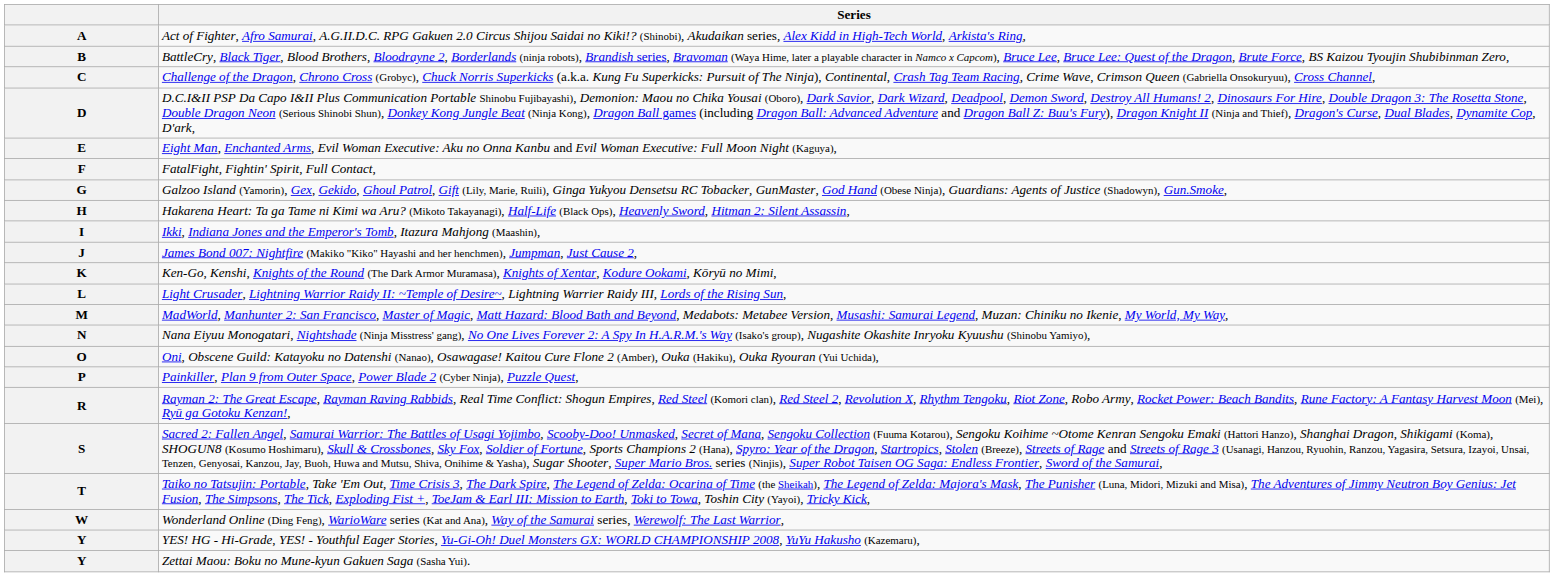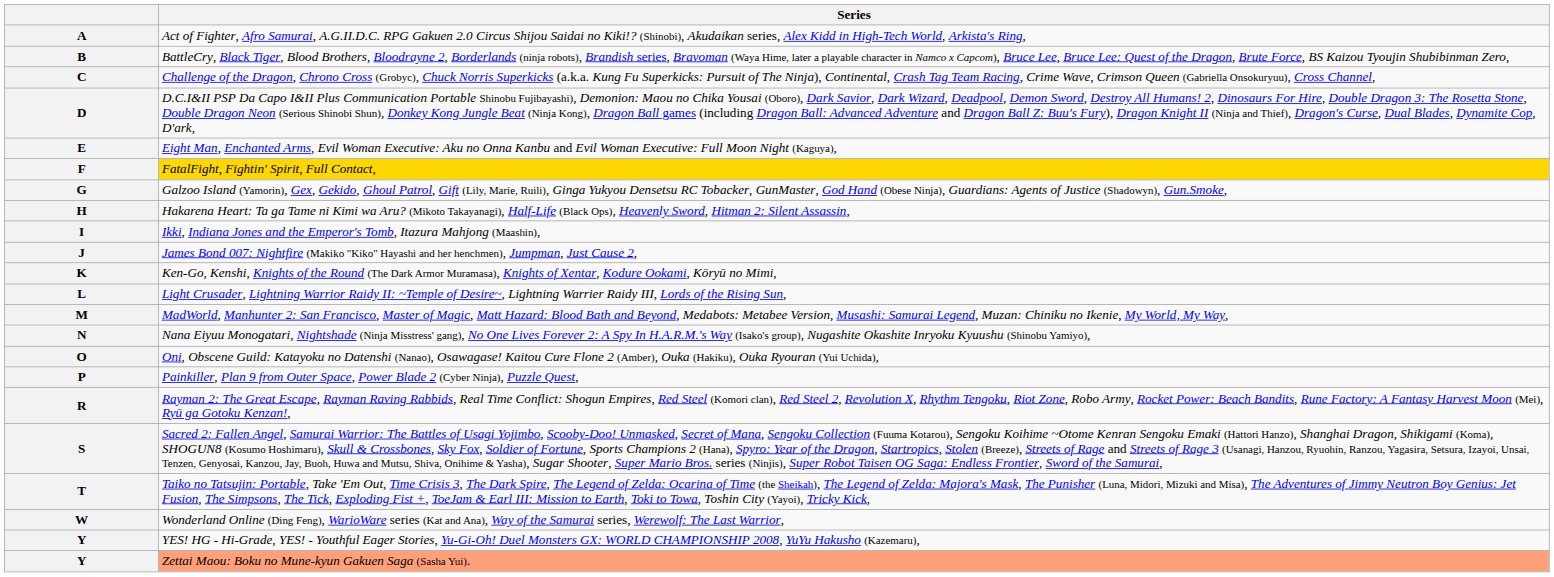 <table class="wikitable"  style="width:95%;">
 <tr>
 <th scope="col" style="width:10%;"></th>
 <th scope="col" style="width:90%;">Series</th>
 </tr>
 <tr>
 <th>A</th>
 <td><em>Act of Fighter</em>, <em><a href='#'>Afro Samurai</a></em>, <em>A.G.II.D.C. RPG Gakuen 2.0 Circus Shijou Saidai no Kiki!?</em> <small>(Shinobi)</small>, <em>Akudaikan</em> series, <em><a href='#'>Alex Kidd in High-Tech World</a></em>, <em><a href='#'>Arkista's Ring</a></em>,</td>
 </tr>
 <tr>
 <th>B</th>
 <td><em>BattleCry</em>, <em><a href='#'>Black Tiger</a></em>, <em>Blood Brothers</em>, <em><a href='#'>Bloodrayne 2</a></em>, <em><a href='#'>Borderlands</a></em> <small>(ninja robots)</small>, <a href='#'><em>Brandish</em> series</a>, <em><a href='#'>Bravoman</a></em> <small>(Waya Hime, later a playable character in <em>Namco x Capcom</em>)</small>, <em><a href='#'>Bruce Lee</a></em>, <em><a href='#'>Bruce Lee: Quest of the Dragon</a></em>, <em><a href='#'>Brute Force</a></em>, <em>BS Kaizou Tyoujin Shubibinman Zero</em>,</td>
 </tr>
 <tr>
 <th>C</th>
 <td><em><a href='#'>Challenge of the Dragon</a></em>, <em><a href='#'>Chrono Cross</a></em> <small>(Grobyc)</small>, <em><a href='#'>Chuck Norris Superkicks</a></em> (a.k.a. <em>Kung Fu Superkicks: Pursuit of The Ninja</em>), <em>Continental</em>, <em><a href='#'>Crash Tag Team Racing</a></em>, <em>Crime Wave</em>, <em>Crimson Queen</em> <small>(Gabriella Onsokuryuu)</small>, <em><a href='#'>Cross Channel</a></em>,</td>
 </tr>
 <tr>
 <th>D</th>
 <td><em>D.C.I&II PSP Da Capo I&II Plus Communication Portable</em> <small>Shinobu Fujibayashi)</small>, <em>Demonion: Maou no Chika Yousai</em> <small>(Oboro)</small>, <em><a href='#'>Dark Savior</a></em>, <em><a href='#'>Dark Wizard</a></em>, <em><a href='#'>Deadpool</a></em>, <em><a href='#'>Demon Sword</a></em>, <em><a href='#'>Destroy All Humans! 2</a></em>, <em><a href='#'>Dinosaurs For Hire</a></em>, <em><a href='#'>Double Dragon 3: The Rosetta Stone</a></em>, <em><a href='#'>Double Dragon Neon</a></em> <small>(Serious Shinobi Shun)</small>, <em><a href='#'>Donkey Kong Jungle Beat</a></em> <small>(Ninja Kong)</small>, <a href='#'><em>Dragon Ball</em> games</a> (including <em><a href='#'>Dragon Ball: Advanced Adventure</a></em> and <em><a href='#'>Dragon Ball Z: Buu's Fury</a></em>), <em><a href='#'>Dragon Knight II</a></em> <small>(Ninja and Thief)</small>, <em><a href='#'>Dragon's Curse</a></em>, <em><a href='#'>Dual Blades</a></em>, <em><a href='#'>Dynamite Cop</a></em>, <em>D'ark</em>,</td>
 </tr>
 <tr>
 <th>E</th>
 <td><em><a href='#'>Eight Man</a></em>, <em><a href='#'>Enchanted Arms</a></em>, <em>Evil Woman Executive: Aku no Onna Kanbu</em> and <em>Evil Woman Executive: Full Moon Night</em> <small>(Kaguya)</small>,</td>
 </tr>
 <tr>
 <th>F</th>
-<td><em>FatalFight</em>, <em>Fightin' Spirit</em>, <em>Full Contact</em>,</td>
+<td style="background: gold;"><em>FatalFight</em>, <em>Fightin' Spirit</em>, <em>Full Contact</em>,</td>
 </tr>
 <tr>
 <th>G</th>
 <td><em>Galzoo Island</em> <small>(Yamorin)</small>, <em><a href='#'>Gex</a></em>, <em><a href='#'>Gekido</a></em>, <em><a href='#'>Ghoul Patrol</a></em>, <em><a href='#'>Gift</a></em> <small>(Lily, Marie, Ruili)</small>, <em>Ginga Yukyou Densetsu RC Tobacker</em>, <em>GunMaster</em>, <em><a href='#'>God Hand</a></em> <small>(Obese Ninja)</small>, <em>Guardians: Agents of Justice</em> <small>(Shadowyn)</small>, <em><a href='#'>Gun.Smoke</a></em>,</td>
 </tr>
 <tr>
 <th>H</th>
 <td><em>Hakarena Heart: Ta ga Tame ni Kimi wa Aru?</em> <small>(Mikoto Takayanagi)</small>, <em><a href='#'>Half-Life</a></em> <small>(Black Ops)</small>, <em><a href='#'>Heavenly Sword</a></em>, <em><a href='#'>Hitman 2: Silent Assassin</a></em>,</td>
 </tr>
 <tr>
 <th>I</th>
 <td><em><a href='#'>Ikki</a></em>, <em><a href='#'>Indiana Jones and the Emperor's Tomb</a></em>, <em>Itazura Mahjong</em> <small>(Maashin)</small>,</td>
 </tr>
 <tr>
 <th>J</th>
 <td><em><a href='#'>James Bond 007: Nightfire</a></em> <small>(Makiko "Kiko" Hayashi and her henchmen)</small>, <em><a href='#'>Jumpman</a></em>, <em><a href='#'>Just Cause 2</a></em>,</td>
 </tr>
 <tr>
 <th>K</th>
 <td><em>Ken-Go</em>, <em>Kenshi</em>, <em><a href='#'>Knights of the Round</a></em> <small>(The Dark Armor Muramasa)</small>, <em><a href='#'>Knights of Xentar</a></em>, <em><a href='#'>Kodure Ookami</a></em>, <em>Kōryū no Mimi</em>,</td>
 </tr>
 <tr>
 <th>L</th>
 <td><em><a href='#'>Light Crusader</a></em>, <em><a href='#'>Lightning Warrior Raidy II: ~Temple of Desire~</a></em>, <em>Lightning Warrier Raidy III</em>, <em><a href='#'>Lords of the Rising Sun</a></em>,</td>
 </tr>
 <tr>
 <th>M</th>
 <td><em><a href='#'>MadWorld</a></em>, <em><a href='#'>Manhunter 2: San Francisco</a></em>, <em><a href='#'>Master of Magic</a></em>, <em><a href='#'>Matt Hazard: Blood Bath and Beyond</a></em>, <em>Medabots: Metabee Version</em>, <em><a href='#'>Musashi: Samurai Legend</a></em>, <em>Muzan: Chiniku no Ikenie</em>, <em><a href='#'>My World, My Way</a></em>,</td>
 </tr>
 <tr>
 <th>N</th>
 <td><em>Nana Eiyuu Monogatari</em>, <em><a href='#'>Nightshade</a></em> <small>(Ninja Misstress' gang)</small>, <em><a href='#'>No One Lives Forever 2: A Spy In H.A.R.M.'s Way</a></em> <small>(Isako's group)</small>, <em>Nugashite Okashite Inryoku Kyuushu</em> <small>(Shinobu Yamiyo)</small>,</td>
 </tr>
 <tr>
 <th>O</th>
 <td><em><a href='#'>Oni</a></em>, <em>Obscene Guild: Katayoku no Datenshi</em> <small>(Nanao)</small>, <em>Osawagase! Kaitou Cure Flone 2</em> <small>(Amber)</small>, <em>Ouka</em> <small>(Hakiku)</small>, <em>Ouka Ryouran</em> <small>(Yui Uchida)</small>,</td>
 </tr>
 <tr>
 <th>P</th>
 <td><em><a href='#'>Painkiller</a></em>, <em><a href='#'>Plan 9 from Outer Space</a></em>, <em><a href='#'>Power Blade 2</a></em> <small>(Cyber Ninja)</small>, <em><a href='#'>Puzzle Quest</a></em>,</td>
 </tr>
 <tr>
 <th>R</th>
 <td><em><a href='#'>Rayman 2: The Great Escape</a></em>, <em><a href='#'>Rayman Raving Rabbids</a></em>, <em>Real Time Conflict: Shogun Empires</em>, <em><a href='#'>Red Steel</a></em> <small>(Komori clan)</small>, <em><a href='#'>Red Steel 2</a></em>, <em><a href='#'>Revolution X</a></em>, <em><a href='#'>Rhythm Tengoku</a></em>, <em><a href='#'>Riot Zone</a></em>, <em>Robo Army</em>, <em><a href='#'>Rocket Power: Beach Bandits</a></em>, <em><a href='#'>Rune Factory: A Fantasy Harvest Moon</a></em> <small>(Mei)</small>, <em><a href='#'>Ryū ga Gotoku Kenzan!</a></em>,</td>
 </tr>
 <tr>
 <th>S</th>
 <td><em><a href='#'>Sacred 2: Fallen Angel</a></em>, <em><a href='#'>Samurai Warrior: The Battles of Usagi Yojimbo</a></em>, <em><a href='#'>Scooby-Doo! Unmasked</a></em>, <em><a href='#'>Secret of Mana</a></em>, <em><a href='#'>Sengoku Collection</a></em> <small>(Fuuma Kotarou)</small>, <em>Sengoku Koihime ~Otome Kenran Sengoku Emaki</em> <small>(Hattori Hanzo)</small>, <em>Shanghai Dragon</em>, <em>Shikigami</em> <small>(Koma)</small>, <em>SHOGUN8</em> <small>(Kosumo Hoshimaru)</small>, <em><a href='#'>Skull & Crossbones</a></em>, <em><a href='#'>Sky Fox</a></em>, <em><a href='#'>Soldier of Fortune</a></em>, <em>Sports Champions 2</em> <small>(Hana)</small>, <em><a href='#'>Spyro: Year of the Dragon</a></em>, <em><a href='#'>Startropics</a></em>, <em><a href='#'>Stolen</a></em> <small>(Breeze)</small>, <em><a href='#'>Streets of Rage</a></em> and <em><a href='#'>Streets of Rage 3</a></em> <small>(Usanagi, Hanzou, Ryuohin, Ranzou, Yagasira, Setsura, Izayoi, Unsai, Tenzen, Genyosai, Kanzou, Jay, Buoh, Huwa and Mutsu, Shiva, Onihime & Yasha)</small>, <em>Sugar Shooter</em>, <em><a href='#'>Super Mario Bros.</a></em> series <small>(Ninjis)</small>, <em><a href='#'>Super Robot Taisen OG Saga: Endless Frontier</a></em>, <em><a href='#'>Sword of the Samurai</a></em>,</td>
 </tr>
 <tr>
 <th>T</th>
 <td><em><a href='#'>Taiko no Tatsujin: Portable</a></em>, <em>Take 'Em Out</em>, <em><a href='#'>Time Crisis 3</a></em>, <em><a href='#'>The Dark Spire</a></em>, <em><a href='#'>The Legend of Zelda: Ocarina of Time</a></em> <small>(the <a href='#'>Sheikah</a>)</small>, <em><a href='#'>The Legend of Zelda: Majora's Mask</a></em>, <em><a href='#'>The Punisher</a></em> <small>(Luna, Midori, Mizuki and Misa)</small>, <em><a href='#'>The Adventures of Jimmy Neutron Boy Genius: Jet Fusion</a></em>, <a href='#'><em>The Simpsons</em></a>, <em><a href='#'>The Tick</a></em>, <em><a href='#'>Exploding Fist +</a></em>, <em><a href='#'>ToeJam & Earl III: Mission to Earth</a></em>, <em><a href='#'>Toki to Towa</a></em>, <em>Toshin City</em> <small>(Yayoi)</small>, <em><a href='#'>Tricky Kick</a></em>,</td>
 </tr>
 <tr>
 <th>W</th>
 <td><em>Wonderland Online</em> <small>(Ding Feng)</small>, <em><a href='#'>WarioWare</a></em> series <small>(Kat and Ana)</small>, <em><a href='#'>Way of the Samurai</a></em> series, <em><a href='#'>Werewolf: The Last Warrior</a></em>,</td>
 </tr>
 <tr>
 <th>Y</th>
 <td><em>YES! HG - Hi-Grade</em>, <em>YES! - Youthful Eager Stories</em>, <em><a href='#'>Yu-Gi-Oh! Duel Monsters GX: WORLD CHAMPIONSHIP 2008</a></em>, <em><a href='#'>YuYu Hakusho</a></em> <small>(Kazemaru)</small>,</td>
 </tr>
 <tr>
 <th>Y</th>
-<td><em>Zettai Maou: Boku no Mune-kyun Gakuen Saga</em> <small>(Sasha Yui)</small>.</td>
+<td style="background: lightsalmon;"><em>Zettai Maou: Boku no Mune-kyun Gakuen Saga</em> <small>(Sasha Yui)</small>.</td>
 </tr>
 </table>
